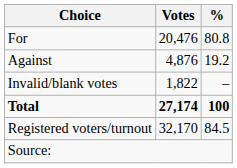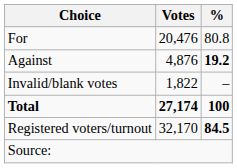 <table class=wikitable style=text-align:right>
 <tr>
 <th>Choice</th>
 <th>Votes</th>
 <th>%</th>
 </tr>
 <tr>
 <td align=left>For</td>
 <td>20,476</td>
 <td>80.8</td>
 </tr>
 <tr>
 <td align=left>Against</td>
 <td>4,876</td>
-<td>19.2</td>
+<td><strong>19.2</strong></td>
 </tr>
 <tr>
 <td align=left>Invalid/blank votes</td>
 <td>1,822</td>
 <td>–</td>
 </tr>
 <tr>
 <td align=left><strong>Total</strong></td>
 <td><strong>27,174</strong></td>
 <td><strong>100</strong></td>
 </tr>
 <tr>
 <td align=left>Registered voters/turnout</td>
 <td>32,170</td>
-<td>84.5</td>
+<td><strong>84.5</strong></td>
 </tr>
 <tr>
 <td align=left colspan=4>Source: </td>
 </tr>
 </table>
